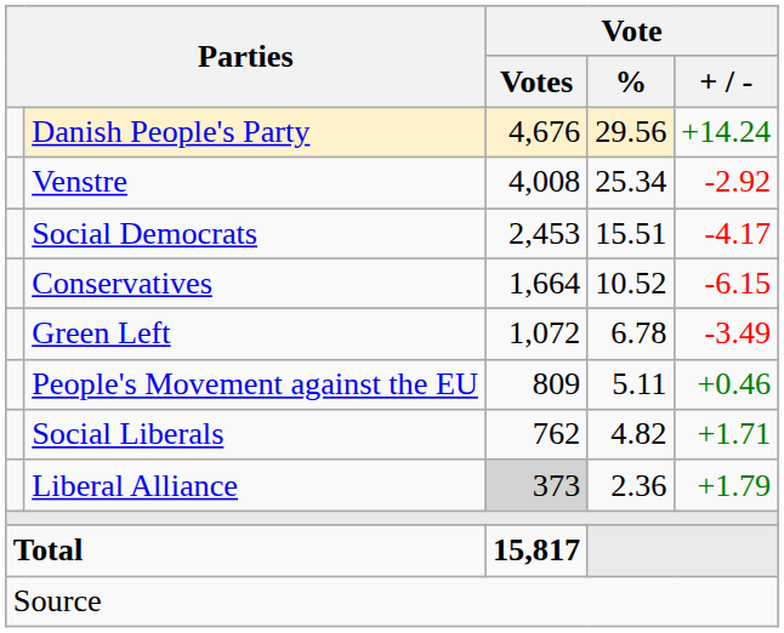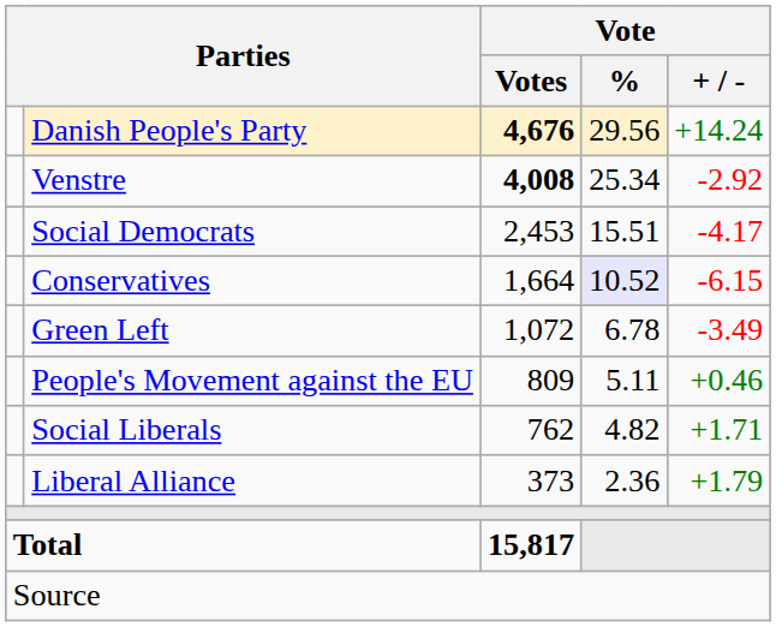 <table class="wikitable" style="text-align:right;">
 <tr>
 <th style="text-align:centre;" rowspan="2" colspan="2" width="225">Parties</th>
 <th colspan="3">Vote</th>
 </tr>
 <tr>
 <th width="15">Votes</th>
 <th width="15">%</th>
 <th width="15">+ / -</th>
 </tr>
 <tr>
 <td width="2" style="color:inherit;background:"></td>
 <td bgcolor=#fef2cc   align="left"><a href='#'>Danish People's Party</a></td>
-<td bgcolor=#fef2cc>4,676</td>
+<td bgcolor=#fef2cc><strong>4,676</strong></td>
 <td bgcolor=#fef2cc>29.56</td>
 <td style=color:green;>+14.24</td>
 </tr>
 <tr>
 <td width="2" style="color:inherit;background:"></td>
 <td align="left"><a href='#'>Venstre</a></td>
-<td>4,008</td>
+<td><strong>4,008</strong></td>
 <td>25.34</td>
 <td style=color:red;>-2.92</td>
 </tr>
 <tr>
 <td width="2" style="color:inherit;background:"></td>
 <td align="left"><a href='#'>Social Democrats</a></td>
 <td>2,453</td>
 <td>15.51</td>
 <td style=color:red;>-4.17</td>
 </tr>
 <tr>
 <td width="2" style="color:inherit;background:"></td>
 <td align="left"><a href='#'>Conservatives</a></td>
 <td>1,664</td>
-<td>10.52</td>
+<td style="background: lavender;">10.52</td>
 <td style=color:red;>-6.15</td>
 </tr>
 <tr>
 <td width="2" style="color:inherit;background:"></td>
 <td align="left"><a href='#'>Green Left</a></td>
 <td>1,072</td>
 <td>6.78</td>
 <td style=color:red;>-3.49</td>
 </tr>
 <tr>
 <td width="2" style="color:inherit;background:"></td>
 <td align="left"><a href='#'>People's Movement against the EU</a></td>
 <td>809</td>
 <td>5.11</td>
 <td style=color:green;>+0.46</td>
 </tr>
 <tr>
 <td width="2" style="color:inherit;background:"></td>
 <td align="left"><a href='#'>Social Liberals</a></td>
 <td>762</td>
 <td>4.82</td>
 <td style=color:green;>+1.71</td>
 </tr>
 <tr>
 <td width="2" style="color:inherit;background:"></td>
 <td align="left"><a href='#'>Liberal Alliance</a></td>
-<td style="background: lightgrey;">373</td>
+<td>373</td>
 <td>2.36</td>
 <td style=color:green;>+1.79</td>
 </tr>
 <tr>
 <td colspan="7" bgcolor="#E9E9E9"></td>
 </tr>
 <tr>
 <td align="left" colspan="2"><strong>Total</strong></td>
 <td><strong>15,817</strong></td>
 <td bgcolor="#E9E9E9" colspan="2"></td>
 </tr>
 <tr>
 <td align="left" colspan="6">Source</td>
 </tr>
 </table>
